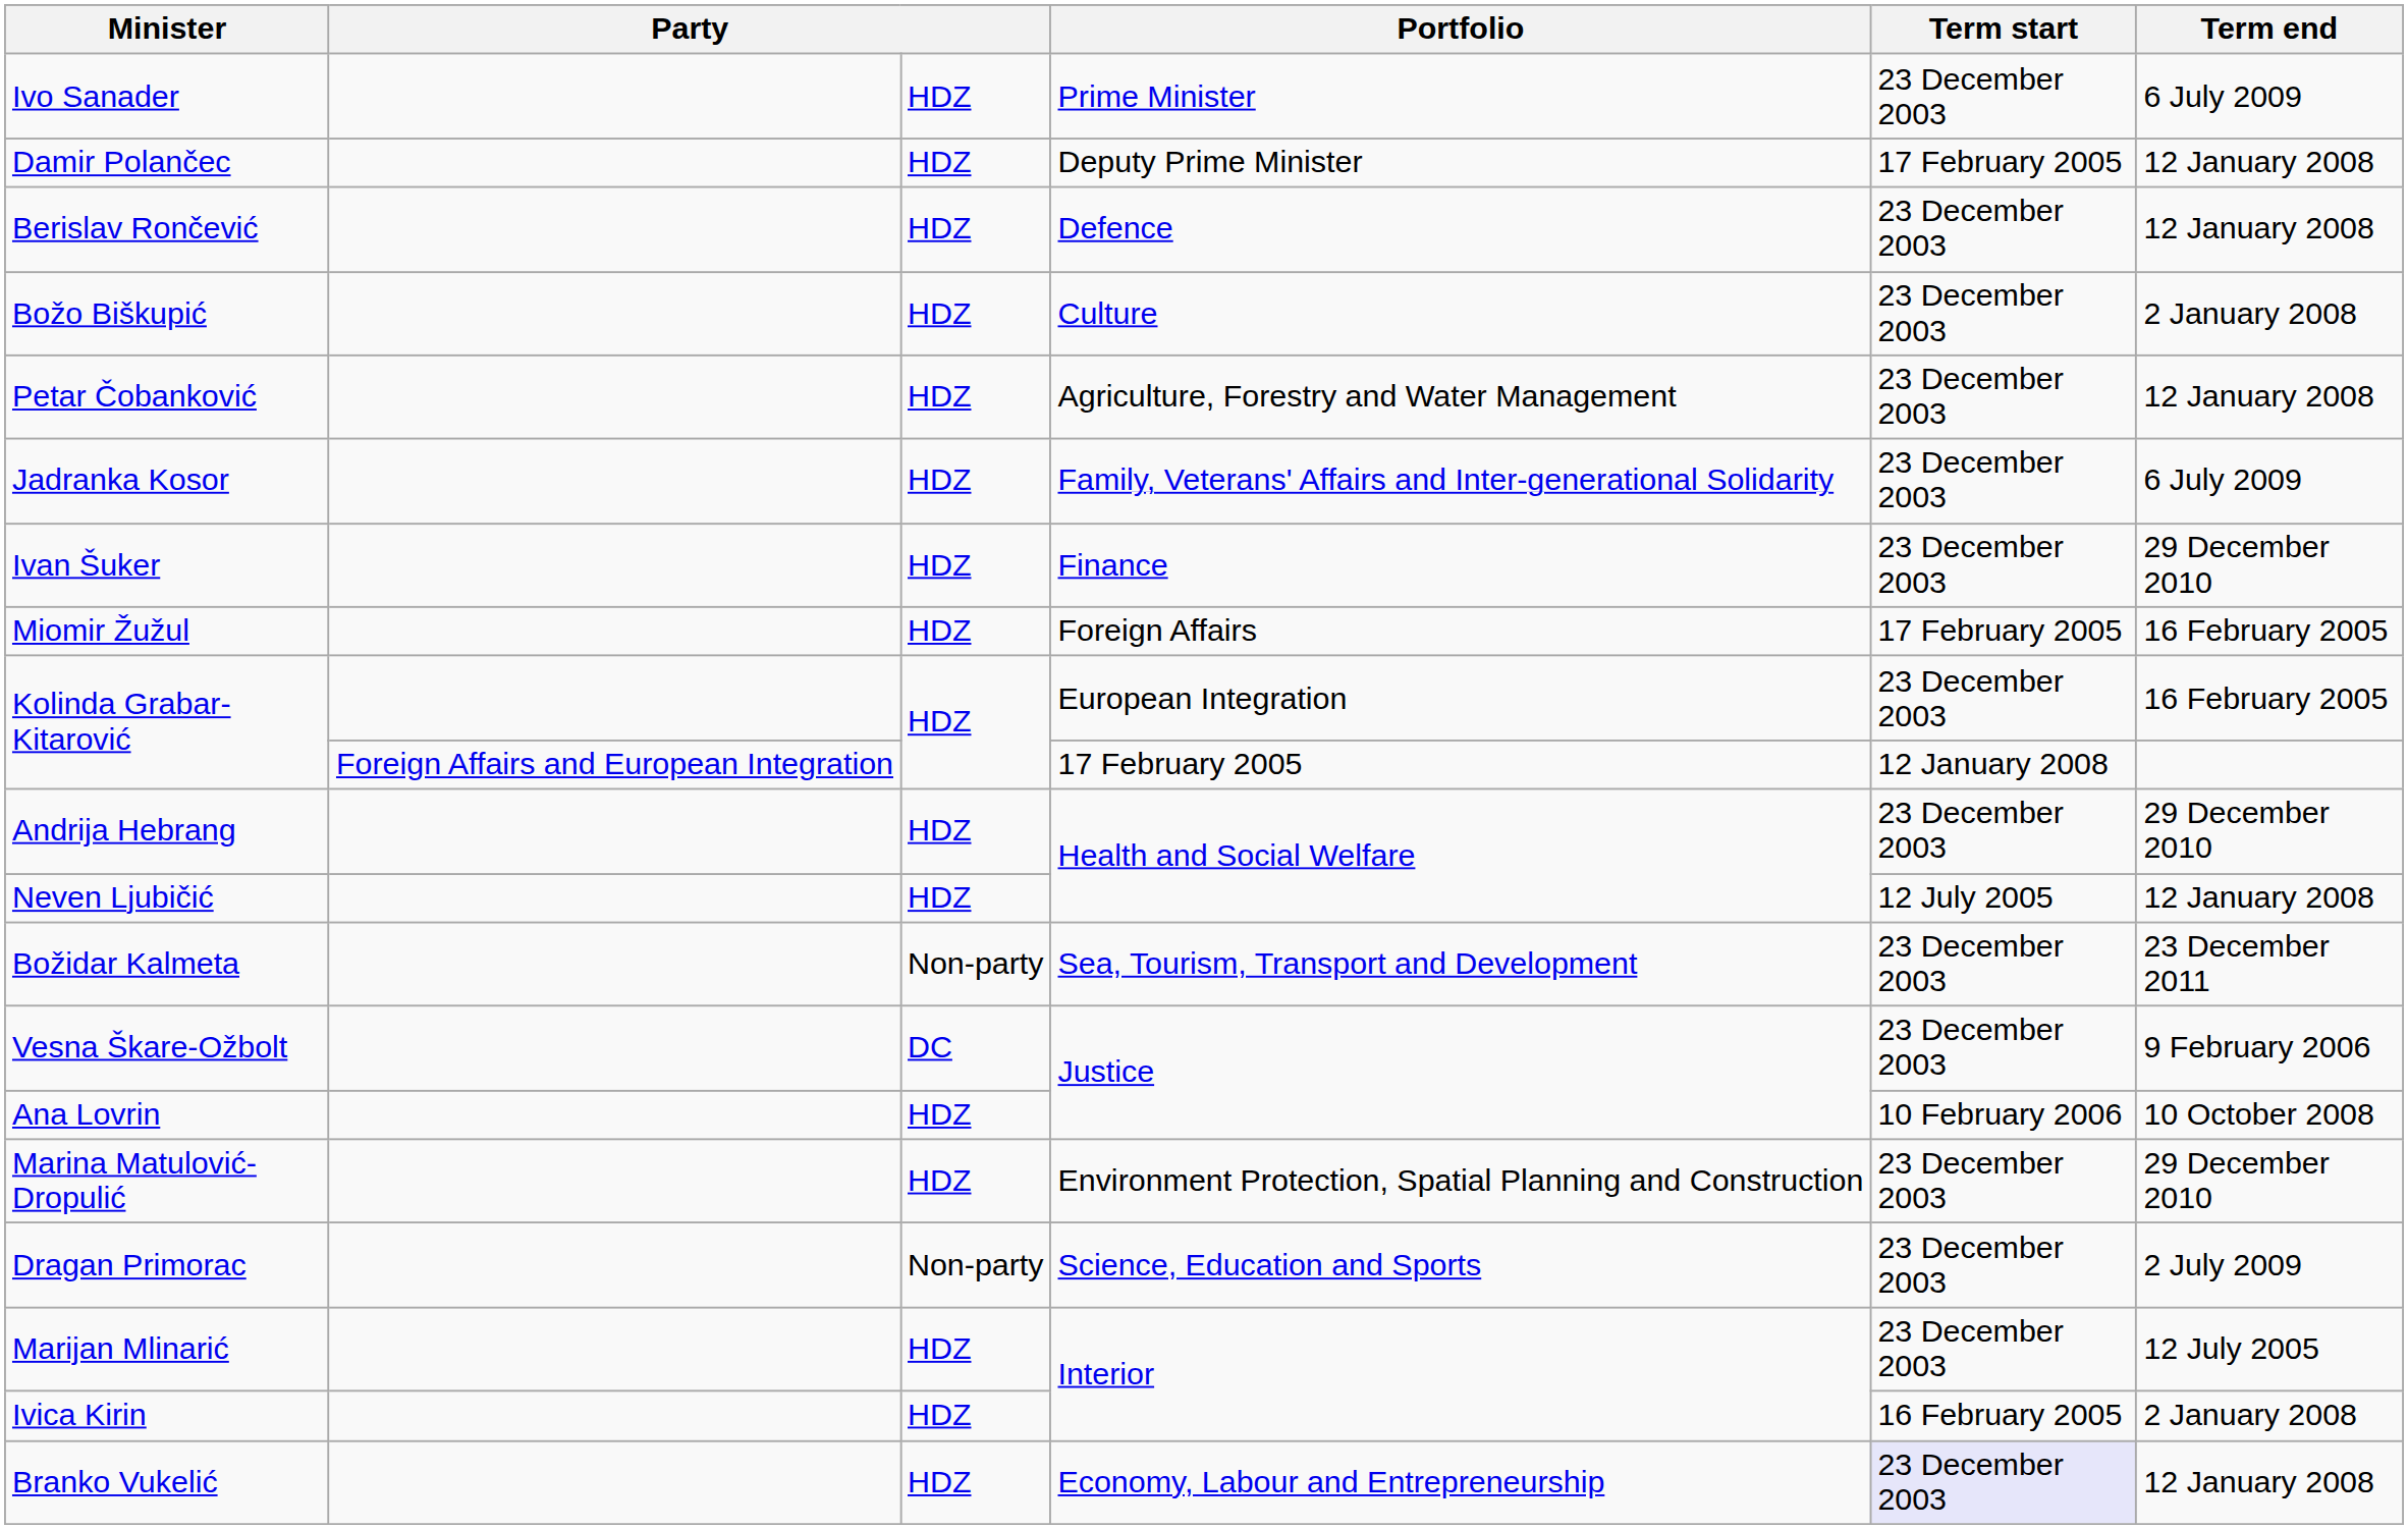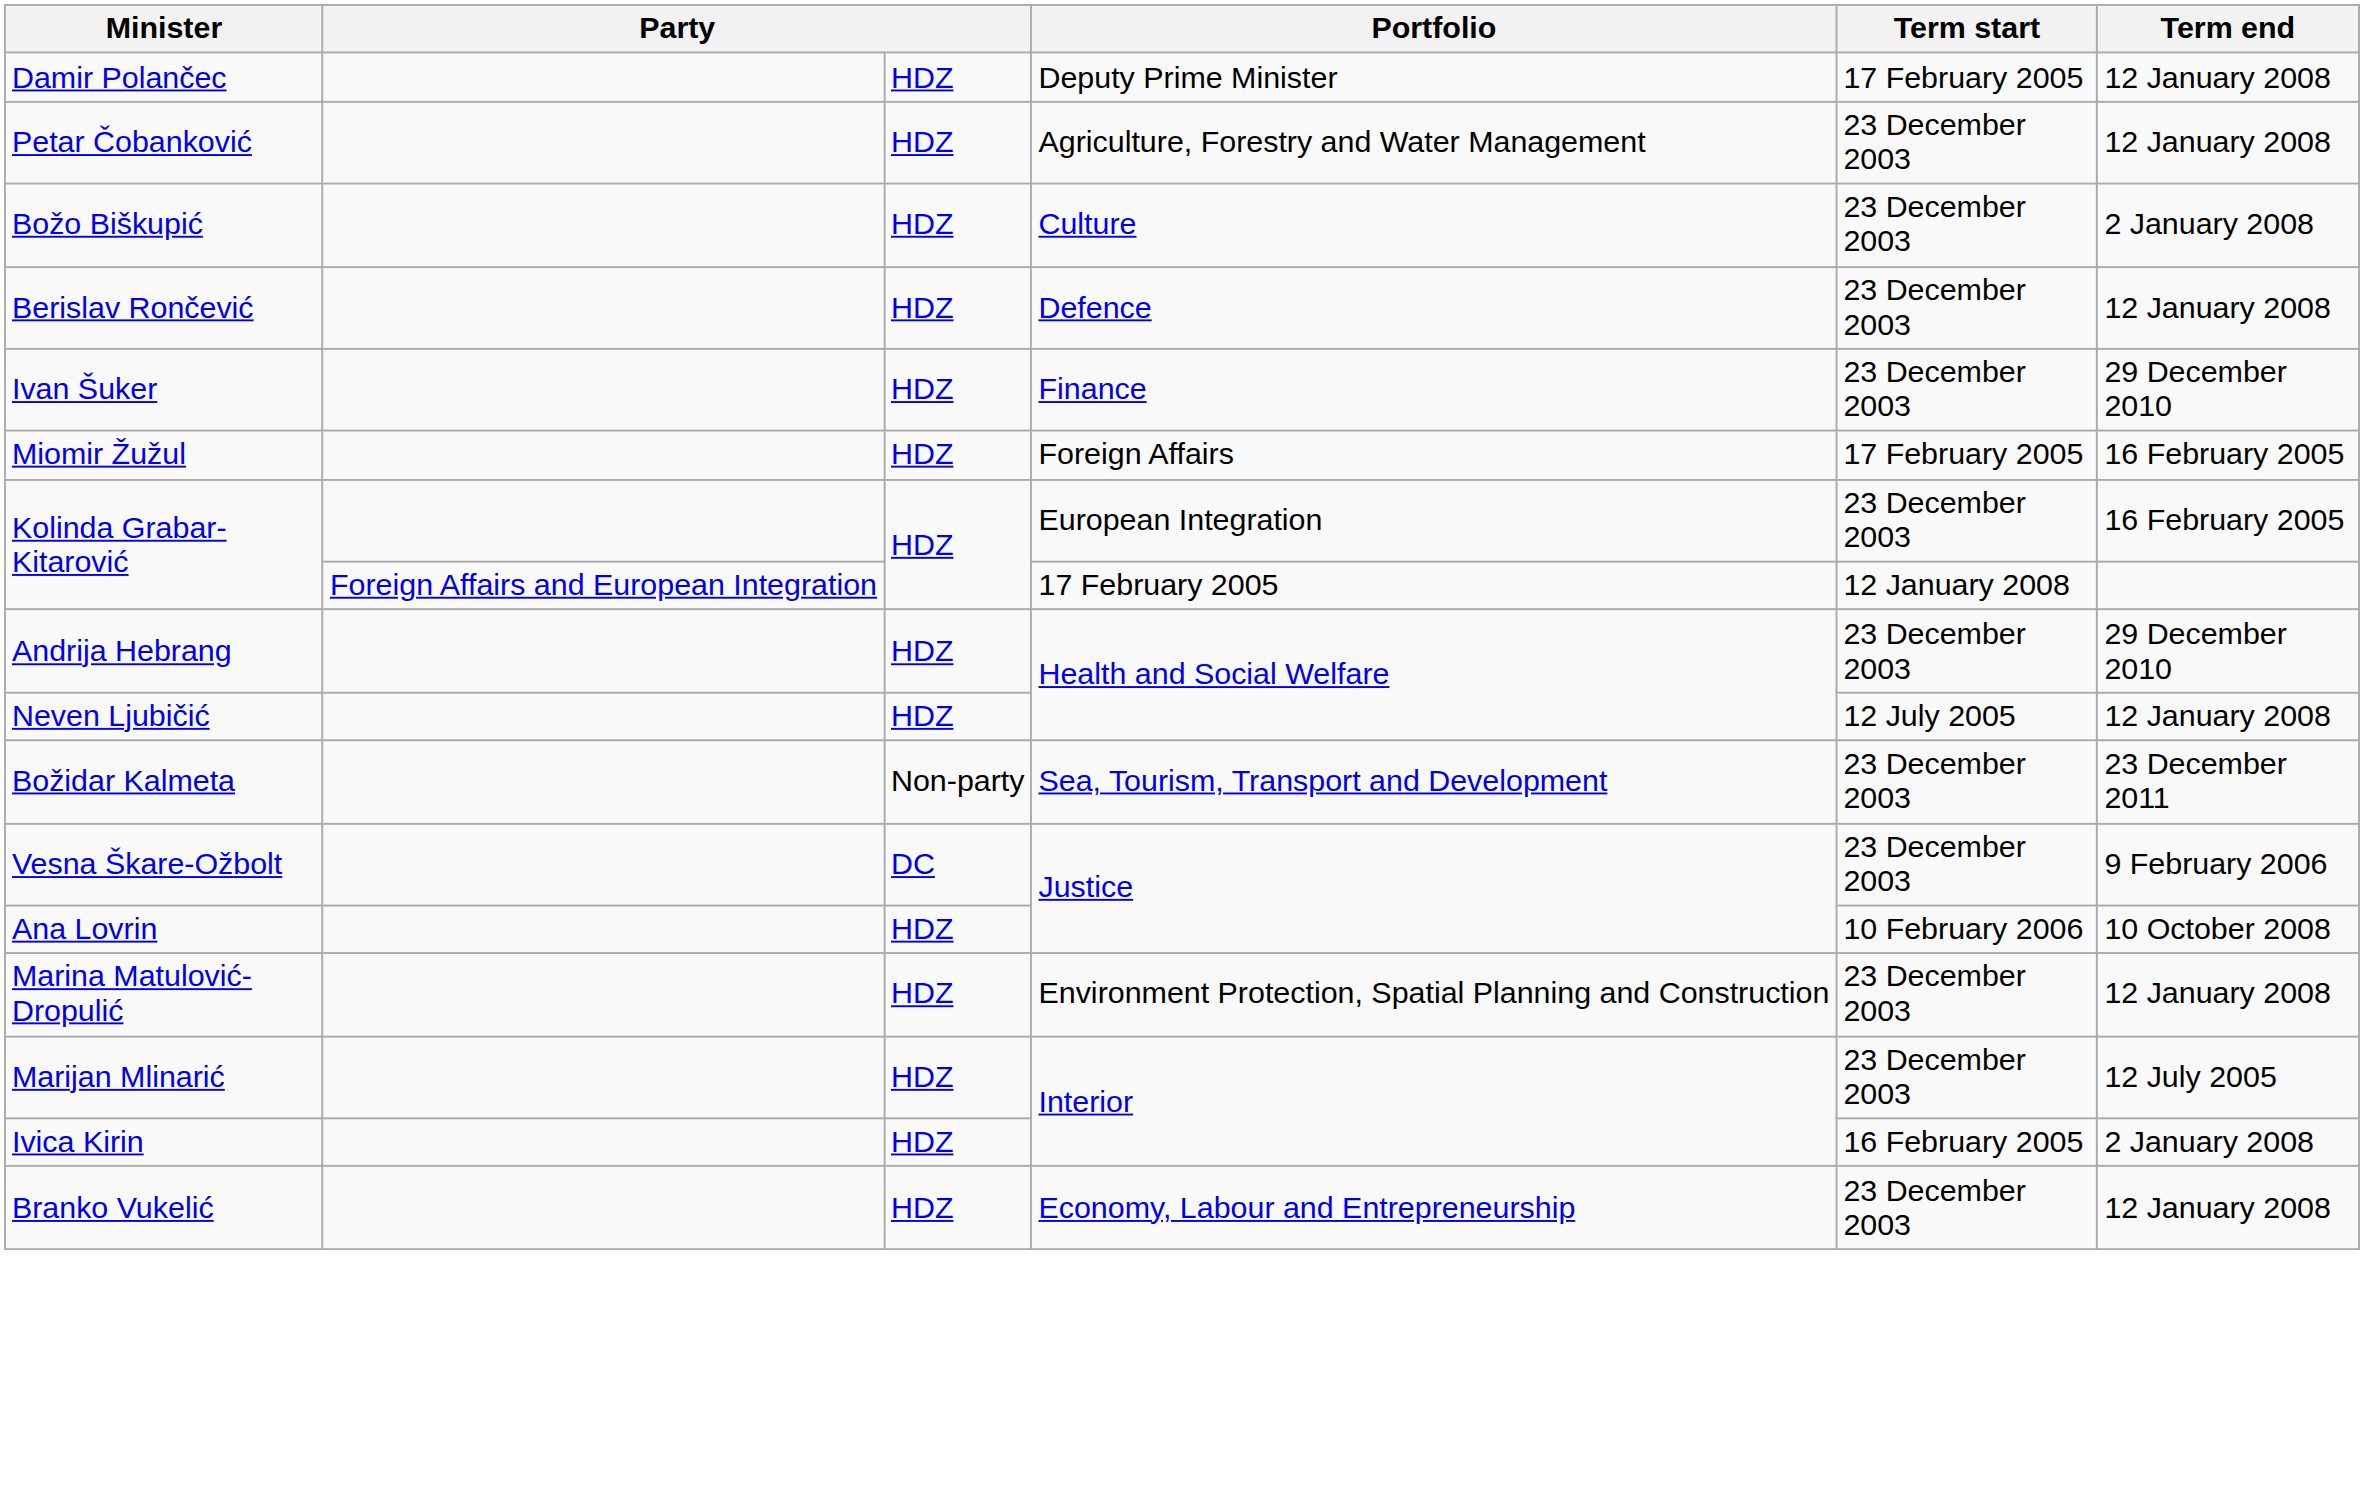 <table class="wikitable">
 <tr>
 <th width="160">Minister</th>
 <th colspan=2 width="80">Party</th>
 <th>Portfolio</th>
 <th width="130">Term start</th>
 <th width="130">Term end</th>
-</tr>
-<tr>
-<td><a href='#'>Ivo Sanader</a></td>
-<td style="background-color: "></td>
-<td><a href='#'>HDZ</a></td>
-<td><a href='#'>Prime Minister</a></td>
-<td>23 December 2003</td>
-<td>6 July 2009</td>
 </tr>
 <tr>
 <td><a href='#'>Damir Polančec</a></td>
 <td style="background-color: "></td>
 <td><a href='#'>HDZ</a></td>
 <td>Deputy Prime Minister</td>
 <td>17 February 2005</td>
 <td>12 January 2008</td>
 </tr>
 <tr>
-<td><a href='#'>Berislav Rončević</a></td>
+<td><a href='#'>Petar Čobanković</a></td>
 <td style="background-color: "></td>
 <td><a href='#'>HDZ</a></td>
-<td><a href='#'>Defence</a></td>
+<td>Agriculture, Forestry and Water Management</td>
 <td>23 December 2003</td>
 <td>12 January 2008</td>
 </tr>
 <tr>
 <td><a href='#'>Božo Biškupić</a></td>
 <td style="background-color: "></td>
 <td><a href='#'>HDZ</a></td>
 <td><a href='#'>Culture</a></td>
 <td>23 December 2003</td>
 <td>2 January 2008</td>
 </tr>
 <tr>
-<td><a href='#'>Petar Čobanković</a></td>
+<td><a href='#'>Berislav Rončević</a></td>
 <td style="background-color: "></td>
 <td><a href='#'>HDZ</a></td>
-<td>Agriculture, Forestry and Water Management</td>
+<td><a href='#'>Defence</a></td>
 <td>23 December 2003</td>
 <td>12 January 2008</td>
-</tr>
-<tr>
-<td><a href='#'>Jadranka Kosor</a></td>
-<td style="background-color: "></td>
-<td><a href='#'>HDZ</a></td>
-<td><a href='#'>Family, Veterans' Affairs and Inter-generational Solidarity</a></td>
-<td>23 December 2003</td>
-<td>6 July 2009</td>
 </tr>
 <tr>
 <td><a href='#'>Ivan Šuker</a></td>
 <td style="background-color: "></td>
 <td><a href='#'>HDZ</a></td>
 <td><a href='#'>Finance</a></td>
 <td>23 December 2003</td>
 <td>29 December 2010</td>
 </tr>
 <tr>
 <td><a href='#'>Miomir Žužul</a></td>
 <td style="background-color: "></td>
 <td><a href='#'>HDZ</a></td>
 <td>Foreign Affairs</td>
 <td>17 February 2005</td>
 <td>16 February 2005</td>
 </tr>
 <tr>
 <td rowspan="2"><a href='#'>Kolinda Grabar-Kitarović</a></td>
 <td style="background-color: "></td>
 <td rowspan="2"><a href='#'>HDZ</a></td>
 <td>European Integration</td>
 <td>23 December 2003</td>
 <td>16 February 2005</td>
 </tr>
 <tr>
 <td><a href='#'>Foreign Affairs and European Integration</a></td>
 <td>17 February 2005</td>
 <td>12 January 2008</td>
 </tr>
 <tr>
 <td><a href='#'>Andrija Hebrang</a></td>
 <td style="background-color: "></td>
 <td><a href='#'>HDZ</a></td>
 <td rowspan="2"><a href='#'>Health and Social Welfare</a></td>
 <td>23 December 2003</td>
 <td>29 December 2010</td>
 </tr>
 <tr>
 <td><a href='#'>Neven Ljubičić</a></td>
 <td style="background-color: "></td>
 <td><a href='#'>HDZ</a></td>
 <td>12 July 2005</td>
 <td>12 January 2008</td>
 </tr>
 <tr>
 <td><a href='#'>Božidar Kalmeta</a></td>
 <td style="background-color: "></td>
 <td>Non-party</td>
 <td><a href='#'>Sea, Tourism, Transport and Development</a></td>
 <td>23 December 2003</td>
 <td>23 December 2011</td>
 </tr>
 <tr>
 <td><a href='#'>Vesna Škare-Ožbolt</a></td>
 <td style="background-color: "></td>
 <td><a href='#'>DC</a></td>
 <td rowspan="2"><a href='#'>Justice</a></td>
 <td>23 December 2003</td>
 <td>9 February 2006</td>
 </tr>
 <tr>
 <td><a href='#'>Ana Lovrin</a></td>
 <td style="background-color: "></td>
 <td><a href='#'>HDZ</a></td>
 <td>10 February 2006</td>
 <td>10 October 2008</td>
 </tr>
 <tr>
 <td><a href='#'>Marina Matulović-Dropulić</a></td>
 <td style="background-color: "></td>
 <td><a href='#'>HDZ</a></td>
 <td>Environment Protection, Spatial Planning and Construction</td>
 <td>23 December 2003</td>
-<td>29 December 2010</td>
-</tr>
-<tr>
-<td><a href='#'>Dragan Primorac</a></td>
-<td style="background-color: "></td>
-<td>Non-party</td>
-<td><a href='#'>Science, Education and Sports</a></td>
-<td>23 December 2003</td>
-<td>2 July 2009</td>
+<td>12 January 2008</td>
 </tr>
 <tr>
 <td><a href='#'>Marijan Mlinarić</a></td>
 <td style="background-color: "></td>
 <td><a href='#'>HDZ</a></td>
 <td rowspan="2"><a href='#'>Interior</a></td>
 <td>23 December 2003</td>
 <td>12 July 2005</td>
 </tr>
 <tr>
 <td><a href='#'>Ivica Kirin</a></td>
 <td style="background-color: "></td>
 <td><a href='#'>HDZ</a></td>
 <td>16 February 2005</td>
 <td>2 January 2008</td>
 </tr>
 <tr>
 <td><a href='#'>Branko Vukelić</a></td>
 <td style="background-color: "></td>
 <td><a href='#'>HDZ</a></td>
 <td><a href='#'>Economy, Labour and Entrepreneurship</a></td>
-<td style="background: lavender;">23 December 2003</td>
+<td>23 December 2003</td>
 <td>12 January 2008</td>
 </tr>
 <tr>
 </tr>
 </table>
